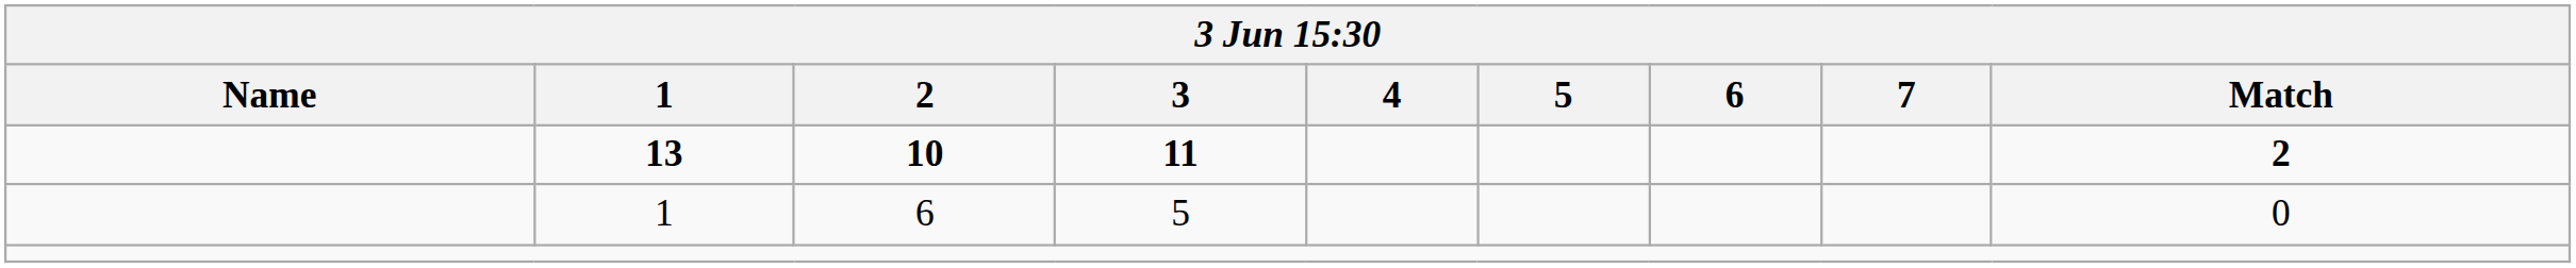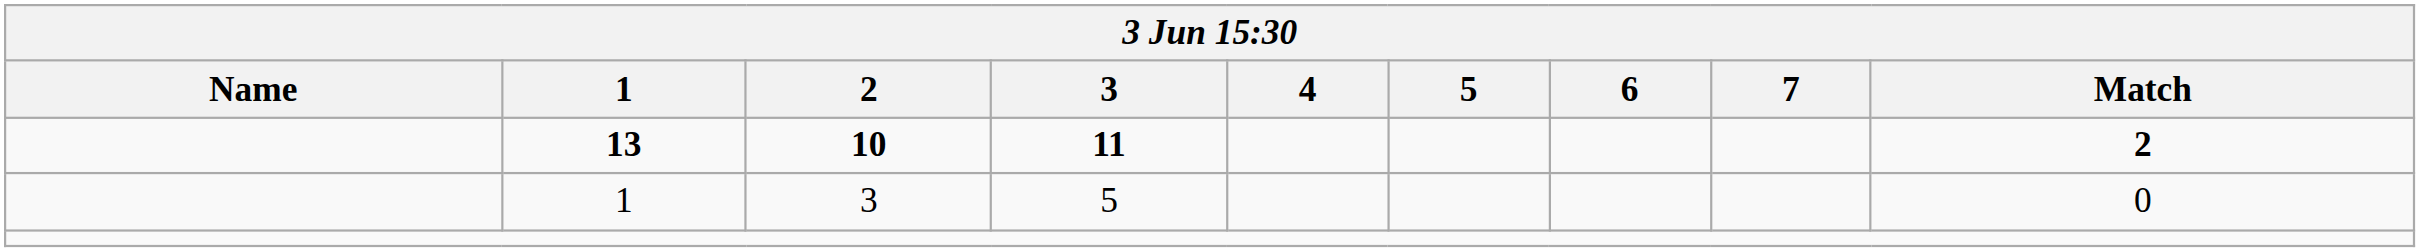 <table class=wikitable style="text-align:center; width: 55%">
 <tr>
 <th colspan=17><em> 3 Jun 15:30</em></th>
 </tr>
 <tr>
 <th>Name</th>
 <th>1</th>
 <th>2</th>
 <th>3</th>
 <th>4</th>
 <th>5</th>
 <th>6</th>
 <th>7</th>
 <th>Match</th>
 </tr>
 <tr>
 <td style="text-align:left;"><strong></strong></td>
 <td><strong>13</strong></td>
 <td><strong>10</strong></td>
 <td><strong>11</strong></td>
 <td></td>
 <td></td>
 <td></td>
 <td></td>
 <td><strong>2</strong></td>
 </tr>
 <tr>
 <td style="text-align:left;"></td>
 <td>1</td>
-<td>6</td>
+<td>3</td>
 <td>5</td>
 <td></td>
 <td></td>
 <td></td>
 <td></td>
 <td>0</td>
 </tr>
 <tr>
 <td colspan=17></td>
 </tr>
 </table>
